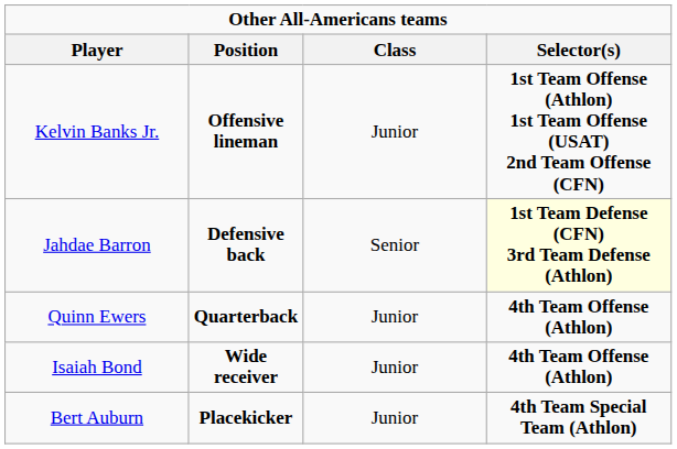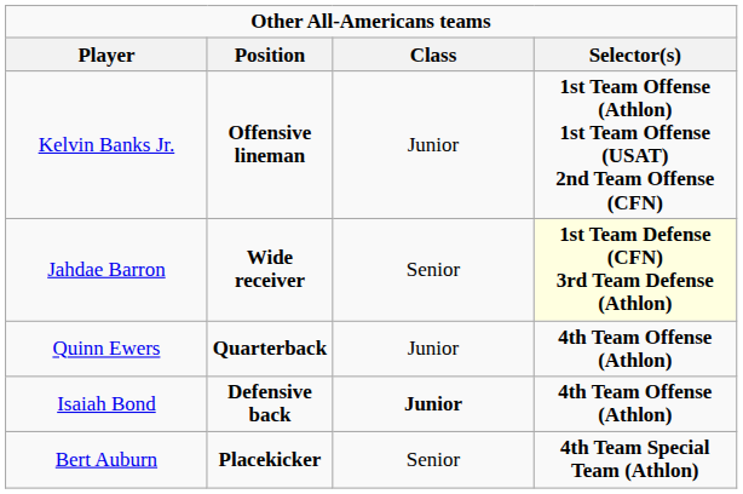 <table class="wikitable" style="text-align:center">
 <tr>
 <td colspan="6" style="text-align:center; "><strong>Other All-Americans teams</strong></td>
 </tr>
 <tr>
 <th style="width:150px; ">Player</th>
 <th style="width:90px; ">Position</th>
 <th style="width:150px; ">Class</th>
 <th style="width:150px; ">Selector(s)</th>
 </tr>
 <tr>
 <td><a href='#'>Kelvin Banks Jr.</a></td>
 <td><strong>Offensive lineman</strong></td>
 <td>Junior</td>
 <td><strong>1st Team Offense (Athlon)</strong><br><strong>1st Team Offense (USAT)</strong><br><strong>2nd Team Offense (CFN)</strong></td>
 </tr>
 <tr>
 <td><a href='#'>Jahdae Barron</a></td>
-<td><strong>Defensive back</strong></td>
+<td><strong>Wide receiver</strong></td>
 <td>Senior</td>
 <td style="background: lightyellow;"><strong>1st Team Defense (CFN)</strong><br><strong>3rd Team Defense (Athlon)</strong></td>
 </tr>
 <tr>
 <td><a href='#'>Quinn Ewers</a></td>
 <td><strong>Quarterback</strong></td>
 <td>Junior</td>
 <td><strong>4th Team Offense (Athlon)</strong></td>
 </tr>
 <tr>
 <td><a href='#'>Isaiah Bond</a></td>
-<td><strong>Wide receiver</strong></td>
-<td>Junior</td>
+<td><strong>Defensive back</strong></td>
+<td><strong>Junior</strong></td>
 <td><strong>4th Team Offense (Athlon)</strong></td>
 </tr>
 <tr>
 <td><a href='#'>Bert Auburn</a></td>
 <td><strong>Placekicker</strong></td>
-<td>Junior</td>
+<td>Senior</td>
 <td><strong>4th Team Special Team (Athlon)</strong></td>
 </tr>
 </table>
